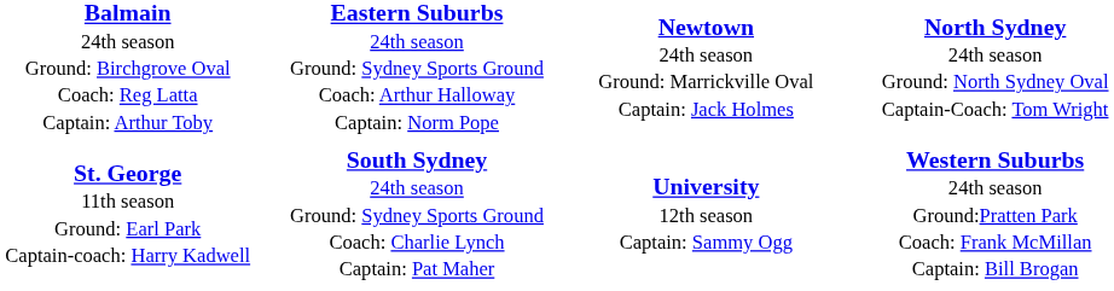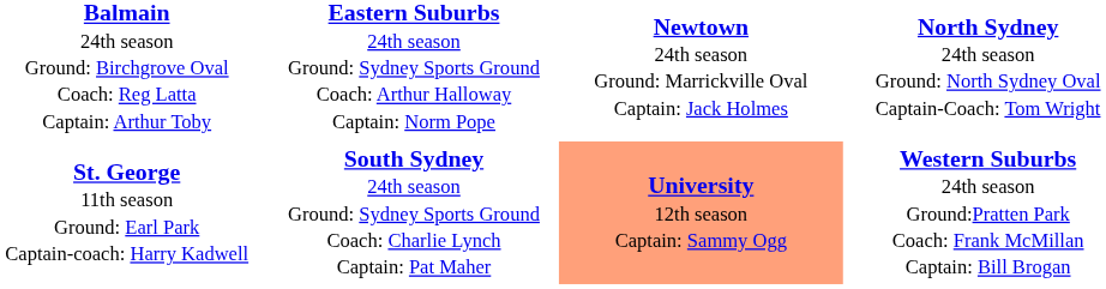 <table class="toccolours" style="margin:auto; text-valign:center;" cellpadding="3" cellspacing="2">
 <tr>
 <th width=185></th>
 <th width=185></th>
 <th width=185></th>
 <th width=185></th>
 </tr>
 <tr>
 <td style="text-align:center;"><strong><a href='#'>Balmain</a></strong><br><small>24th season<br>Ground: <a href='#'>Birchgrove Oval</a><br>Coach: <a href='#'>Reg Latta</a><br>Captain: <a href='#'>Arthur Toby</a></small></td>
 <td style="text-align:center;"><strong><a href='#'>Eastern Suburbs</a></strong><br><small><a href='#'>24th season</a><br>Ground: <a href='#'>Sydney Sports Ground</a><br>Coach: <a href='#'>Arthur Halloway</a><br>Captain: <a href='#'>Norm Pope</a></small></td>
 <td style="text-align:center;"><strong><a href='#'>Newtown</a></strong><br><small>24th season<br>Ground: Marrickville Oval<br>Captain: <a href='#'>Jack Holmes</a></small></td>
 <td style="text-align:center;"><strong><a href='#'>North Sydney</a></strong><br><small>24th season<br>Ground: <a href='#'>North Sydney Oval</a><br>Captain-Coach: <a href='#'>Tom Wright</a></small></td>
 </tr>
 <tr>
 <td style="text-align:center;"><strong><a href='#'>St. George</a></strong><br><small>11th season<br>Ground: <a href='#'>Earl Park</a><br>Captain-coach: <a href='#'>Harry Kadwell</a></small><br></td>
 <td style="text-align:center;"><strong><a href='#'>South Sydney</a></strong><br><small><a href='#'>24th season</a><br>Ground: <a href='#'>Sydney Sports Ground</a><br>Coach: <a href='#'>Charlie Lynch</a><br>Captain: <a href='#'>Pat Maher</a></small></td>
-<td style="text-align:center;"><strong><a href='#'>University</a></strong><br><small>12th season<br>Captain: <a href='#'>Sammy Ogg</a></small></td>
+<td style="background: lightsalmon; text-align:center;"><strong><a href='#'>University</a></strong><br><small>12th season<br>Captain: <a href='#'>Sammy Ogg</a></small></td>
 <td style="text-align:center;"><strong><a href='#'>Western Suburbs</a></strong><br><small>24th season<br>Ground:<a href='#'>Pratten Park</a><br>Coach: <a href='#'>Frank McMillan</a><br>Captain: <a href='#'>Bill Brogan</a></small></td>
 </tr>
 </table>
